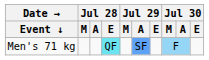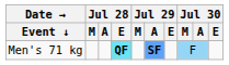 <table class="wikitable" style="margin:0.5em auto;">
 <tr>
 <th>Date →</th>
 <th colspan="3">Jul 28</th>
 <th colspan="3">Jul 29</th>
 <th colspan="3">Jul 30</th>
 </tr>
 <tr>
 <th>Event  ↓</th>
 <th>M</th>
 <th>A</th>
 <th>E</th>
 <th>M</th>
 <th>A</th>
 <th>E</th>
 <th>M</th>
 <th>A</th>
 <th>E</th>
 </tr>
 <tr>
 <td class="event">Men's 71 kg</td>
 <td></td>
 <td></td>
-<td bgcolor="#6be4f2" align=center>QF</td>
+<td bgcolor="#6be4f2" align=center><strong>QF</strong></td>
 <td></td>
-<td bgcolor="#5ea2f7" align=center>SF</td>
+<td bgcolor="#5ea2f7" align=center><strong>SF</strong></td>
 <td></td>
 <td colspan="2" bgcolor="#95d6f7" align=center>F</td>
 <td></td>
 </tr>
 </table>
